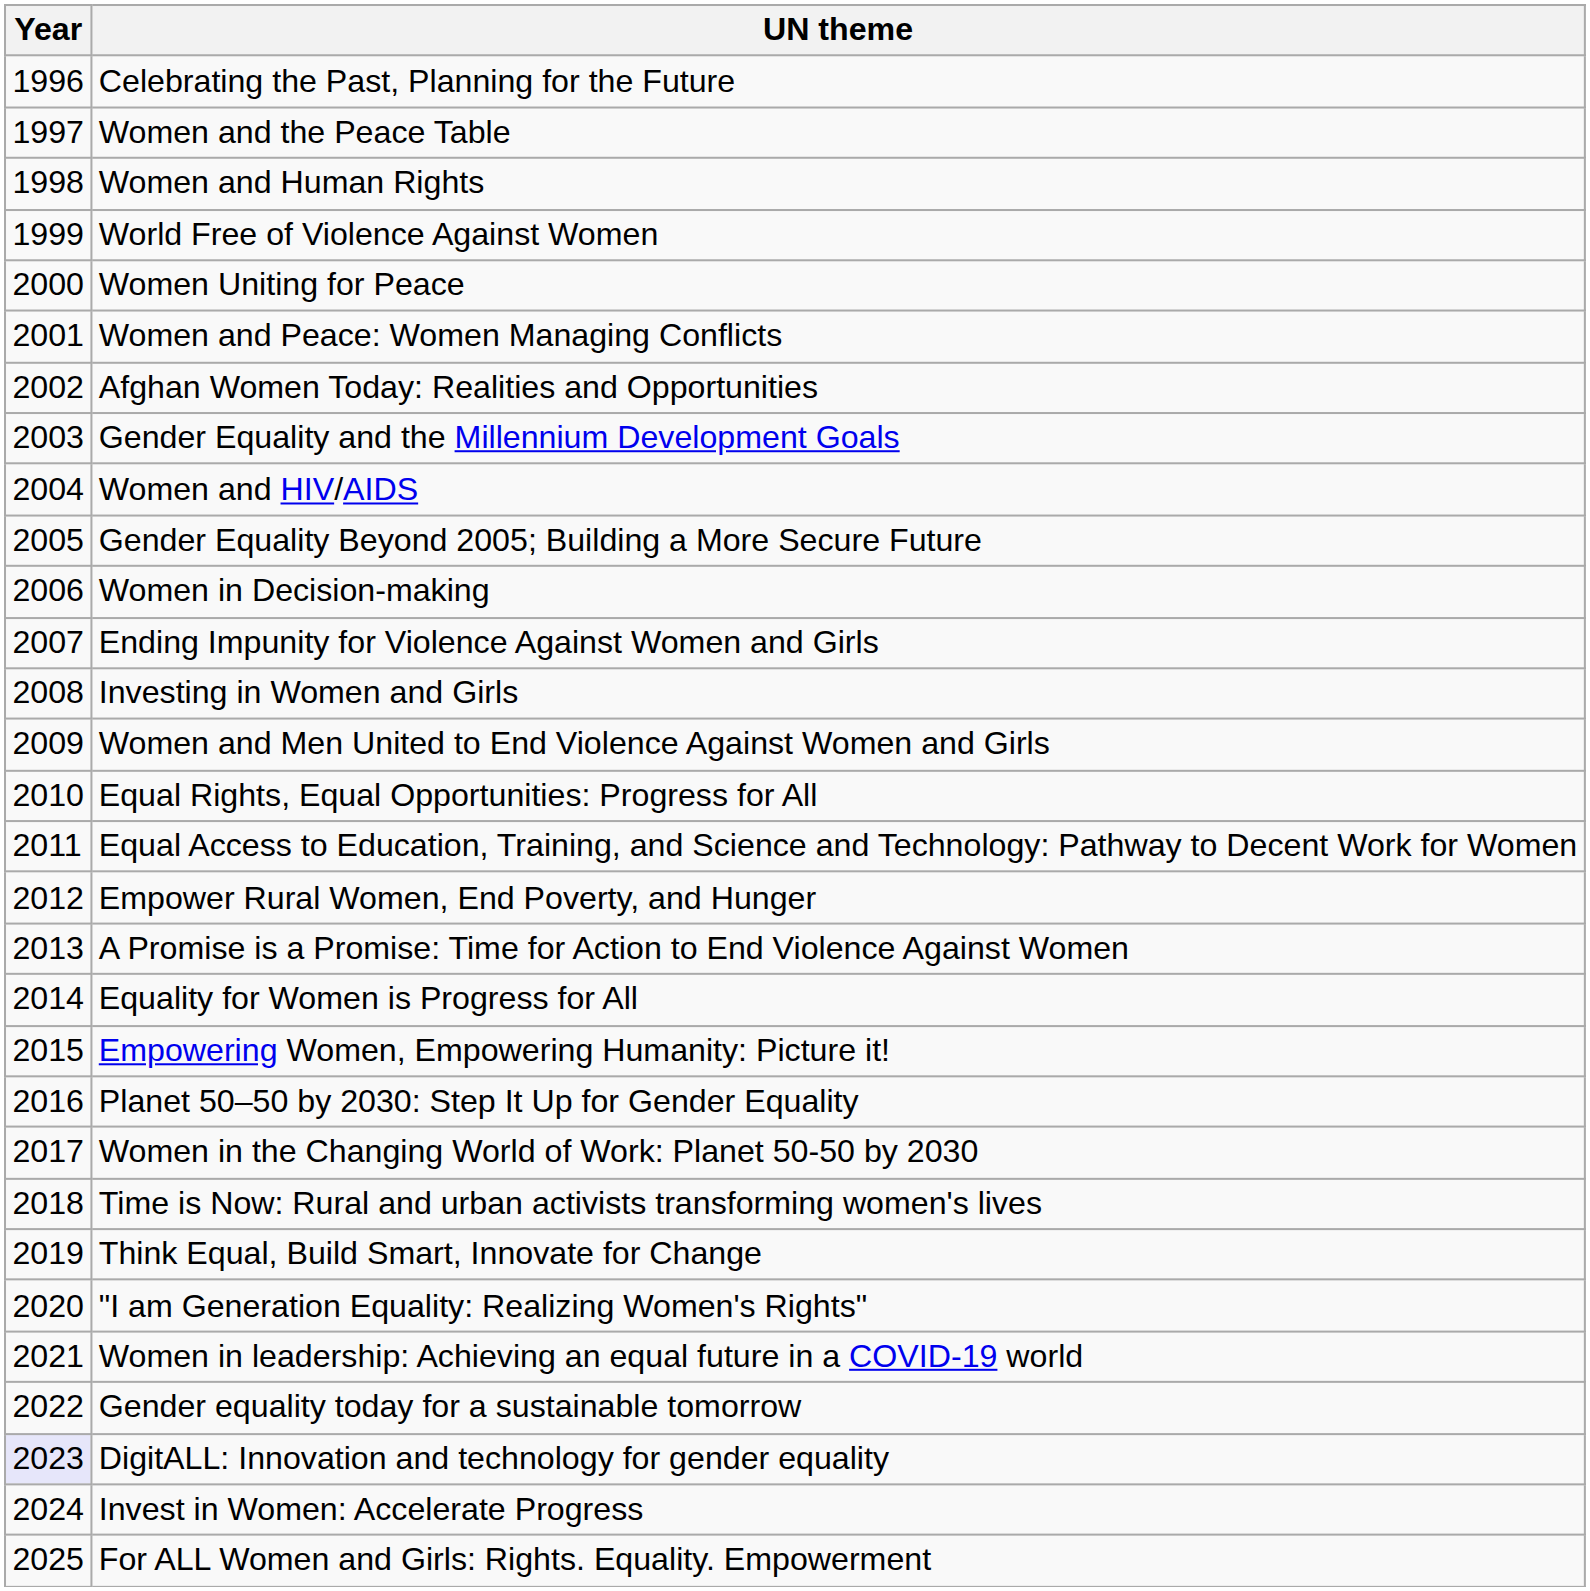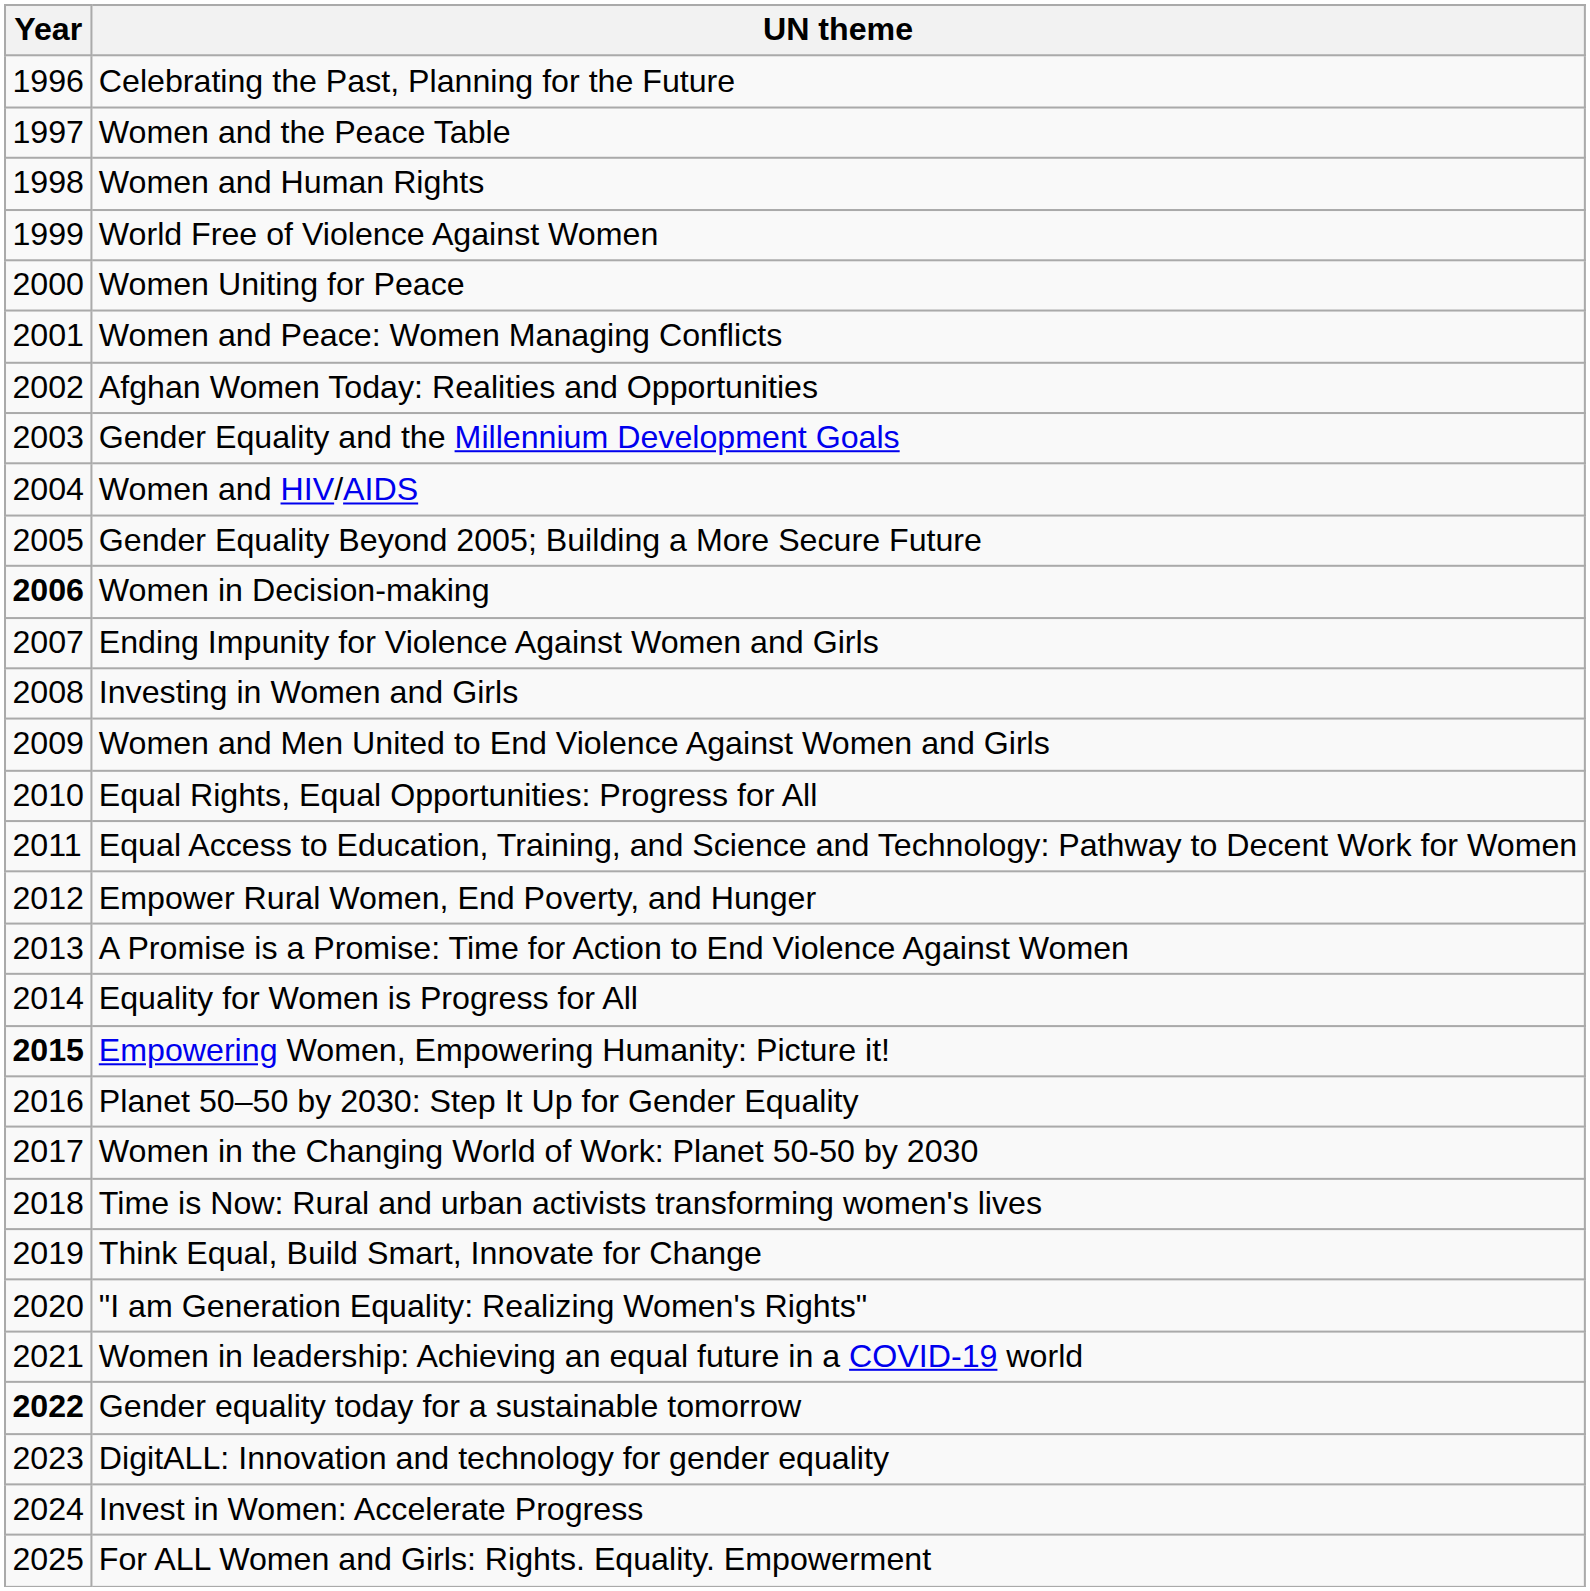 <table class="wikitable">
 <tr>
 <th scope=col>Year</th>
 <th scope=col>UN theme</th>
 </tr>
 <tr>
 <td>1996</td>
 <td>Celebrating the Past, Planning for the Future</td>
 </tr>
 <tr>
 <td>1997</td>
 <td>Women and the Peace Table</td>
 </tr>
 <tr>
 <td>1998</td>
 <td>Women and Human Rights</td>
 </tr>
 <tr>
 <td>1999</td>
 <td>World Free of Violence Against Women</td>
 </tr>
 <tr>
 <td>2000</td>
 <td>Women Uniting for Peace</td>
 </tr>
 <tr>
 <td>2001</td>
 <td>Women and Peace: Women Managing Conflicts</td>
 </tr>
 <tr>
 <td>2002</td>
 <td>Afghan Women Today: Realities and Opportunities</td>
 </tr>
 <tr>
 <td>2003</td>
 <td>Gender Equality and the <a href='#'>Millennium Development Goals</a></td>
 </tr>
 <tr>
 <td>2004</td>
 <td>Women and <a href='#'>HIV</a>/<a href='#'>AIDS</a></td>
 </tr>
 <tr>
 <td>2005</td>
 <td>Gender Equality Beyond 2005; Building a More Secure Future</td>
 </tr>
 <tr>
-<td>2006</td>
+<td><strong>2006</strong></td>
 <td>Women in Decision-making</td>
 </tr>
 <tr>
 <td>2007</td>
 <td>Ending Impunity for Violence Against Women and Girls</td>
 </tr>
 <tr>
 <td>2008</td>
 <td>Investing in Women and Girls</td>
 </tr>
 <tr>
 <td>2009</td>
 <td>Women and Men United to End Violence Against Women and Girls</td>
 </tr>
 <tr>
 <td>2010</td>
 <td>Equal Rights, Equal Opportunities: Progress for All</td>
 </tr>
 <tr>
 <td>2011</td>
 <td>Equal Access to Education, Training, and Science and Technology: Pathway to Decent Work for Women</td>
 </tr>
 <tr>
 <td>2012</td>
 <td>Empower Rural Women, End Poverty, and Hunger</td>
 </tr>
 <tr>
 <td>2013</td>
 <td>A Promise is a Promise: Time for Action to End Violence Against Women</td>
 </tr>
 <tr>
 <td>2014</td>
 <td>Equality for Women is Progress for All</td>
 </tr>
 <tr>
-<td>2015</td>
+<td><strong>2015</strong></td>
 <td><a href='#'>Empowering</a> Women, Empowering Humanity: Picture it!</td>
 </tr>
 <tr>
 <td>2016</td>
 <td>Planet 50–50 by 2030: Step It Up for Gender Equality</td>
 </tr>
 <tr>
 <td>2017</td>
 <td>Women in the Changing World of Work: Planet 50-50 by 2030</td>
 </tr>
 <tr>
 <td>2018</td>
 <td>Time is Now: Rural and urban activists transforming women's lives</td>
 </tr>
 <tr>
 <td>2019</td>
 <td>Think Equal, Build Smart, Innovate for Change</td>
 </tr>
 <tr>
 <td>2020</td>
 <td>"I am Generation Equality: Realizing Women's Rights"</td>
 </tr>
 <tr>
 <td>2021</td>
 <td>Women in leadership: Achieving an equal future in a <a href='#'>COVID-19</a> world</td>
 </tr>
 <tr>
-<td>2022</td>
+<td><strong>2022</strong></td>
 <td>Gender equality today for a sustainable tomorrow</td>
 </tr>
 <tr>
-<td style="background: lavender;">2023</td>
+<td>2023</td>
 <td>DigitALL: Innovation and technology for gender equality</td>
 </tr>
 <tr>
 <td>2024</td>
 <td>Invest in Women: Accelerate Progress</td>
 </tr>
 <tr>
 <td>2025</td>
 <td>For ALL Women and Girls: Rights. Equality. Empowerment</td>
 </tr>
 </table>
